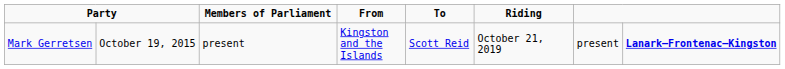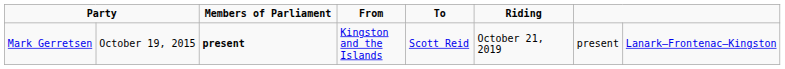 <table border="1" cellpadding="4" cellspacing="0" style="background: #f9f9f9; border: 1px #aaa solid; border-collapse: collapse;">
 <tr>
 <th colspan=2 style="width: 130px">Party</th>
 <th style="width: 170px">Members of Parliament</th>
 <th style="width: 80px">From</th>
 <th style="width: 80px">To</th>
 <th style="width: 120px">Riding</th>
 </tr>
 <tr>
 <td><a href='#'>Mark Gerretsen</a></td>
 <td>October 19, 2015</td>
-<td>present</td>
+<td><strong>present</strong></td>
 <td><a href='#'>Kingston and the Islands</a><br></td>
 <td><a href='#'>Scott Reid</a></td>
 <td>October 21, 2019</td>
 <td>present</td>
-<td><strong><a href='#'>Lanark—Frontenac—Kingston</a></strong></td>
+<td><a href='#'>Lanark—Frontenac—Kingston</a></td>
 </tr>
 </table>
